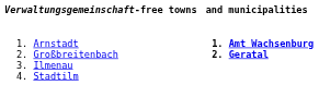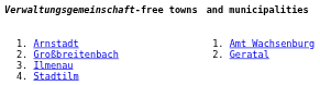 <table>
 <tr ---->
 <th><em>Verwaltungsgemeinschaft</em>-free towns</th>
 <th>and municipalities</th>
 </tr>
 <tr>
 <td valign=top><br><ol><li><a href='#'>Arnstadt</a></li><li><a href='#'>Großbreitenbach</a></li><li><a href='#'>Ilmenau</a></li><li><a href='#'>Stadtilm</a></li></ol></td>
-<td valign=top><strong><br><ol><li><a href='#'>Amt Wachsenburg</a></li><li><a href='#'>Geratal</a></li></ol></strong></td>
+<td valign=top><br><ol><li><a href='#'>Amt Wachsenburg</a></li><li><a href='#'>Geratal</a></li></ol></td>
 </tr>
 </table>
